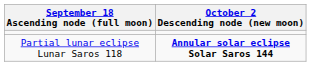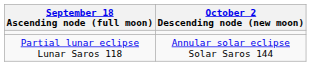 <table class="wikitable">
 <tr>
 <th><a href='#'>September 18</a><br>Ascending node (full moon)<br></th>
 <th><a href='#'>October 2</a><br>Descending node (new moon)<br></th>
 </tr>
 <tr>
 <td></td>
 <td></td>
 </tr>
 <tr align=center>
 <td><a href='#'>Partial lunar eclipse</a><br>Lunar Saros 118</td>
-<td><strong><a href='#'>Annular solar eclipse</a><br>Solar Saros 144</strong></td>
+<td><a href='#'>Annular solar eclipse</a><br>Solar Saros 144</td>
 </tr>
 </table>
